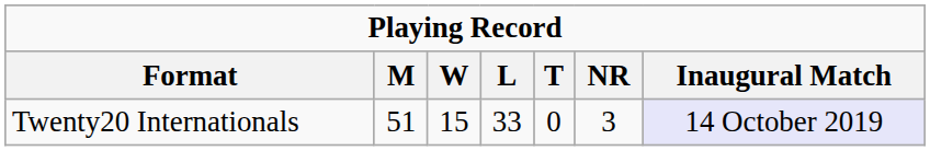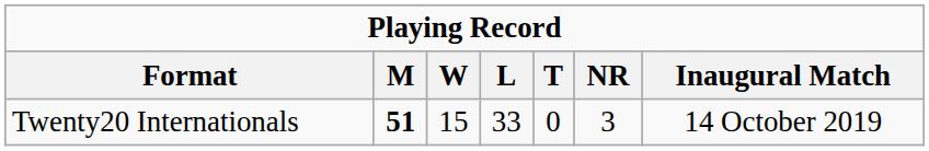 <table class="wikitable" style="text-align: center; width: 500px;">
 <tr>
 <td colspan=7 align="center"><strong>Playing Record</strong></td>
 </tr>
 <tr>
 <th>Format</th>
 <th>M</th>
 <th>W</th>
 <th>L</th>
 <th>T</th>
 <th>NR</th>
 <th>Inaugural Match</th>
 </tr>
 <tr>
 <td align="left">Twenty20 Internationals</td>
-<td>51</td>
+<td><strong>51</strong></td>
 <td>15</td>
 <td>33</td>
 <td>0</td>
 <td>3</td>
-<td style="background: lavender;">14 October 2019</td>
+<td>14 October 2019</td>
 </tr>
 </table>
